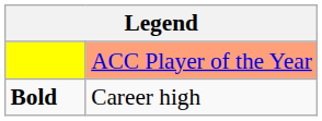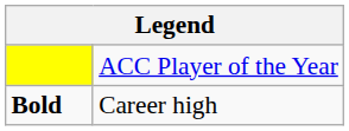 <table class="wikitable mw-collapsible">
 <tr>
 <th colspan="2">Legend</th>
 </tr>
 <tr>
 <td style="background:#ffff00; width:3em;"></td>
-<td style="background: lightsalmon;"><a href='#'>ACC Player of the Year</a></td>
+<td><a href='#'>ACC Player of the Year</a></td>
 </tr>
 <tr>
 <td><strong>Bold</strong></td>
 <td>Career high</td>
 </tr>
 </table>
